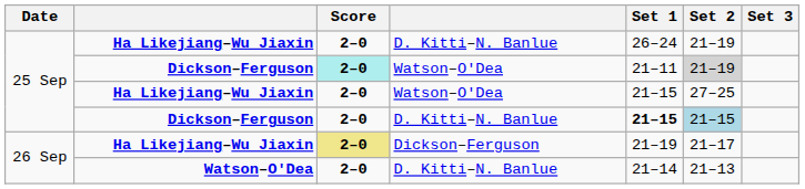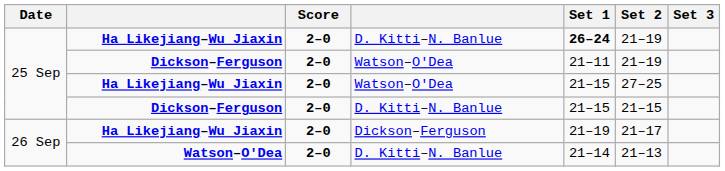 <table class="wikitable" style="text-align: center; font-size:90% ">
 <tr>
 <th width="60">Date</th>
 <th align="right" width="250"></th>
 <th width="60">Score</th>
 <th align="left" width="250"></th>
 <th width="50">Set 1</th>
 <th width="50">Set 2</th>
 <th width="50">Set 3</th>
 </tr>
 <tr>
 <td rowspan=4>25 Sep</td>
 <td align=right><strong><a href='#'>Ha Likejiang</a>–<a href='#'>Wu Jiaxin</a> </strong></td>
 <td align=center><strong>2–0</strong></td>
 <td align=left> <a href='#'>D. Kitti</a>–<a href='#'>N. Banlue</a></td>
-<td>26–24</td>
+<td><strong>26–24</strong></td>
 <td>21–19</td>
 <td></td>
 </tr>
 <tr>
 <td align=right><strong><a href='#'>Dickson</a>–<a href='#'>Ferguson</a> </strong></td>
-<td align=center style="background: paleturquoise;"><strong>2–0</strong></td>
+<td align=center><strong>2–0</strong></td>
 <td align=left> <a href='#'>Watson</a>–<a href='#'>O'Dea</a></td>
 <td>21–11</td>
-<td style="background: lightgrey;">21–19</td>
+<td>21–19</td>
 <td></td>
 </tr>
 <tr>
 <td align=right><strong><a href='#'>Ha Likejiang</a>–<a href='#'>Wu Jiaxin</a> </strong></td>
 <td align=center><strong>2–0</strong></td>
 <td align=left> <a href='#'>Watson</a>–<a href='#'>O'Dea</a></td>
 <td>21–15</td>
 <td>27–25</td>
 <td></td>
 </tr>
 <tr>
 <td align=right><strong><a href='#'>Dickson</a>–<a href='#'>Ferguson</a> </strong></td>
 <td align=center><strong>2–0</strong></td>
 <td align=left> <a href='#'>D. Kitti</a>–<a href='#'>N. Banlue</a></td>
-<td><strong>21–15</strong></td>
-<td style="background: lightblue;">21–15</td>
+<td>21–15</td>
+<td>21–15</td>
 <td></td>
 </tr>
 <tr>
 <td rowspan=2>26 Sep</td>
 <td align=right><strong><a href='#'>Ha Likejiang</a>–<a href='#'>Wu Jiaxin</a> </strong></td>
-<td align=center style="background: khaki;"><strong>2–0</strong></td>
+<td align=center><strong>2–0</strong></td>
 <td align=left> <a href='#'>Dickson</a>–<a href='#'>Ferguson</a></td>
 <td>21–19</td>
 <td>21–17</td>
 <td></td>
 </tr>
 <tr>
 <td align=right><strong><a href='#'>Watson</a>–<a href='#'>O'Dea</a> </strong></td>
 <td align=center><strong>2–0</strong></td>
 <td align=left> <a href='#'>D. Kitti</a>–<a href='#'>N. Banlue</a></td>
 <td>21–14</td>
 <td>21–13</td>
 <td></td>
 </tr>
 </table>
